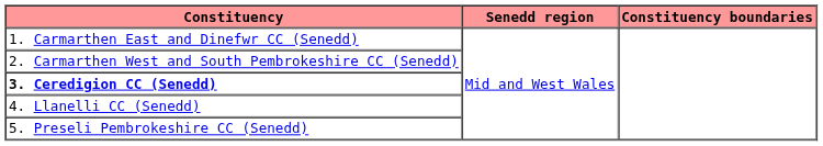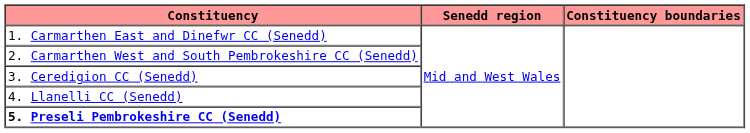 <table border=1 cellpadding="2" cellspacing="0">
 <tr>
 <th bgcolor="#ff9999">Constituency</th>
 <th bgcolor="#ff9999">Senedd region</th>
 <th bgcolor="#ff9999">Constituency boundaries</th>
 </tr>
 <tr>
 <td>1. <a href='#'>Carmarthen East and Dinefwr CC (Senedd)</a></td>
 <td rowspan=5><a href='#'>Mid and West Wales</a></td>
 <td rowspan=5></td>
 </tr>
 <tr>
 <td>2. <a href='#'>Carmarthen West and South Pembrokeshire CC (Senedd)</a></td>
 </tr>
 <tr>
-<td><strong>3. <a href='#'>Ceredigion CC (Senedd)</a></strong></td>
+<td>3. <a href='#'>Ceredigion CC (Senedd)</a></td>
 </tr>
 <tr>
 <td>4. <a href='#'>Llanelli CC (Senedd)</a></td>
 </tr>
 <tr>
-<td>5. <a href='#'>Preseli Pembrokeshire CC (Senedd)</a></td>
+<td><strong>5. <a href='#'>Preseli Pembrokeshire CC (Senedd)</a></strong></td>
 </tr>
 </table>
